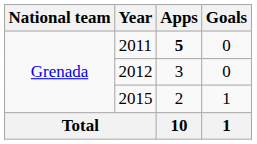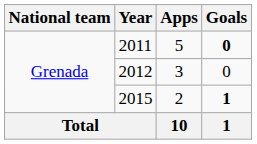 <table class=wikitable style=text-align:center>
 <tr>
 <th>National team</th>
 <th>Year</th>
 <th>Apps</th>
 <th>Goals</th>
 </tr>
 <tr>
 <td rowspan=3><a href='#'>Grenada</a></td>
 <td>2011</td>
-<td><strong>5</strong></td>
-<td>0</td>
+<td>5</td>
+<td><strong>0</strong></td>
 </tr>
 <tr>
 <td>2012</td>
 <td>3</td>
 <td>0</td>
 </tr>
 <tr>
 <td>2015</td>
 <td>2</td>
-<td>1</td>
+<td><strong>1</strong></td>
 </tr>
 <tr>
 <th colspan=2>Total</th>
 <th>10</th>
 <th>1</th>
 </tr>
 </table>
